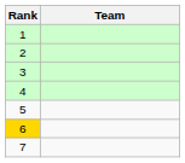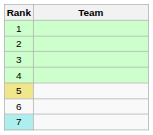 <table class="wikitable" style="text-align: center; font-size:90% ">
 <tr>
 <th width=35>Rank</th>
 <th width=160>Team</th>
 </tr>
 <tr bgcolor=ccffcc>
 <td>1</td>
 <td align=left></td>
 </tr>
 <tr bgcolor=ccffcc>
 <td>2</td>
 <td align=left></td>
 </tr>
 <tr bgcolor=ccffcc>
 <td>3</td>
 <td align=left></td>
 </tr>
 <tr bgcolor=ccffcc>
 <td>4</td>
 <td align=left></td>
 </tr>
 <tr>
-<td>5</td>
+<td style="background: khaki;">5</td>
 <td align=left></td>
 </tr>
 <tr>
-<td style="background: gold;">6</td>
+<td>6</td>
 <td align=left></td>
 </tr>
 <tr>
-<td>7</td>
+<td style="background: paleturquoise;">7</td>
 <td align=left></td>
 </tr>
 </table>
